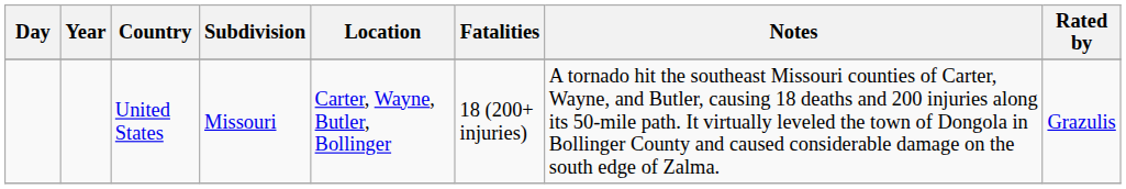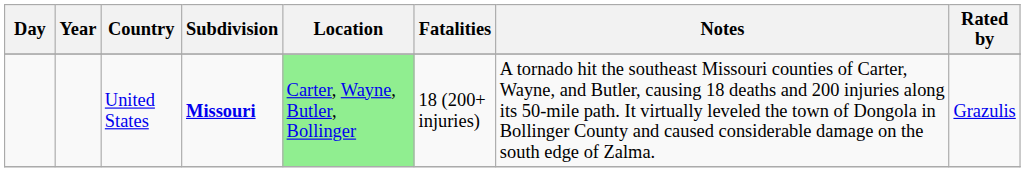 <table class="wikitable sortable" style="width:100%;">
 <tr>
 <th scope="col" style="width:5%;">Day</th>
 <th scope="col" style="width:4%;">Year</th>
 <th scope="col" style="width:8%;">Country</th>
 <th scope="col" style="width:4%;">Subdivision</th>
 <th scope="col" style="width:13%;" class="unsortable">Location</th>
 <th scope="col" style="width:8%;">Fatalities</th>
 <th scope="col" class="unsortable">Notes</th>
 <th scope="col" style="width:4%;">Rated by</th>
 </tr>
 <tr style="background:#BB8899;">
 </tr>
 <tr>
 <td></td>
 <td></td>
 <td><a href='#'>United States</a></td>
-<td><a href='#'>Missouri</a></td>
-<td><a href='#'>Carter</a>, <a href='#'>Wayne</a>, <a href='#'>Butler</a>, <a href='#'>Bollinger</a></td>
+<td><strong><a href='#'>Missouri</a></strong></td>
+<td style="background: lightgreen;"><a href='#'>Carter</a>, <a href='#'>Wayne</a>, <a href='#'>Butler</a>, <a href='#'>Bollinger</a></td>
 <td>18 (200+ injuries)</td>
 <td>A tornado hit the southeast Missouri counties of Carter, Wayne, and Butler, causing 18 deaths and 200 injuries along its 50-mile path. It virtually leveled the town of Dongola in Bollinger County and caused considerable damage on the south edge of Zalma.</td>
 <td><a href='#'>Grazulis</a></td>
 </tr>
 <tr>
 </tr>
 </table>
